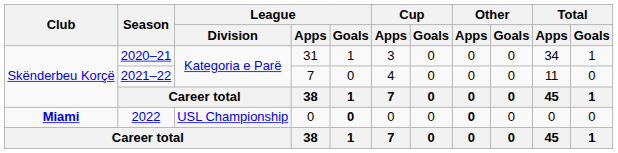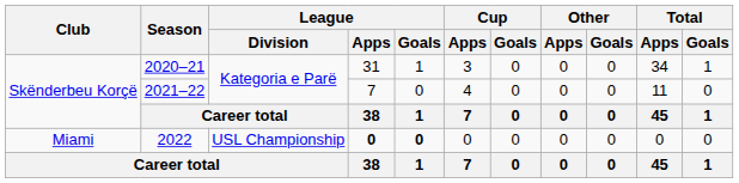 <table class=wikitable style=text-align:center>
 <tr>
 <th rowspan=2>Club</th>
 <th rowspan=2>Season</th>
 <th colspan=3>League</th>
 <th colspan=2>Cup</th>
 <th colspan=2>Other</th>
 <th colspan=2>Total</th>
 </tr>
 <tr>
 <th>Division</th>
 <th>Apps</th>
 <th>Goals</th>
 <th>Apps</th>
 <th>Goals</th>
 <th>Apps</th>
 <th>Goals</th>
 <th>Apps</th>
 <th>Goals</th>
 </tr>
 <tr>
 <td rowspan="3"><a href='#'>Skënderbeu Korçë</a></td>
 <td><a href='#'>2020–21</a></td>
 <td rowspan="2"><a href='#'>Kategoria e Parë</a></td>
 <td>31</td>
 <td>1</td>
 <td>3</td>
 <td>0</td>
 <td>0</td>
 <td>0</td>
 <td>34</td>
 <td>1</td>
 </tr>
 <tr>
 <td><a href='#'>2021–22</a></td>
 <td>7</td>
 <td>0</td>
 <td>4</td>
 <td>0</td>
 <td>0</td>
 <td>0</td>
 <td>11</td>
 <td>0</td>
 </tr>
 <tr>
 <th colspan=2>Career total</th>
 <th>38</th>
 <th>1</th>
 <th>7</th>
 <th>0</th>
 <th>0</th>
 <th>0</th>
 <th>45</th>
 <th>1</th>
 </tr>
 <tr>
-<td><strong><a href='#'>Miami</a></strong></td>
+<td><a href='#'>Miami</a></td>
 <td><a href='#'>2022</a></td>
 <td><a href='#'>USL Championship</a></td>
-<td>0</td>
+<td><strong>0</strong></td>
 <td><strong>0</strong></td>
 <td>0</td>
 <td>0</td>
-<td><strong>0</strong></td>
+<td>0</td>
 <td>0</td>
 <td>0</td>
 <td>0</td>
 </tr>
 <tr>
 <th colspan=3>Career total</th>
 <th>38</th>
 <th>1</th>
 <th>7</th>
 <th>0</th>
 <th>0</th>
 <th>0</th>
 <th>45</th>
 <th>1</th>
 </tr>
 </table>
